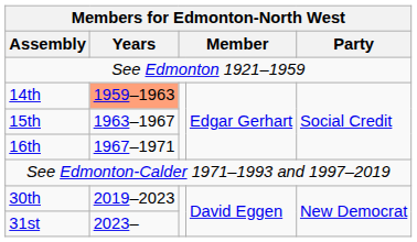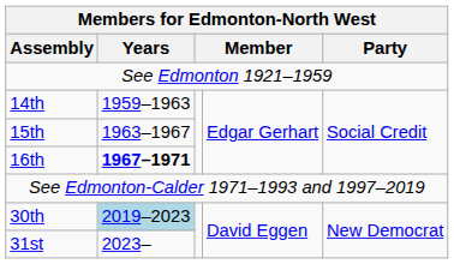 <table class="wikitable" align=right>
 <tr>
 <th colspan=5>Members for Edmonton-North West</th>
 </tr>
 <tr>
 <th>Assembly</th>
 <th>Years</th>
 <th colspan="2">Member</th>
 <th>Party</th>
 </tr>
 <tr>
 <td align="center" colspan=5><em>See <a href='#'>Edmonton</a> 1921–1959</em></td>
 </tr>
 <tr>
 <td><a href='#'>14th</a></td>
-<td style="background: lightsalmon;"><a href='#'>1959</a>–1963</td>
+<td><a href='#'>1959</a>–1963</td>
 <td rowspan=3 ></td>
 <td rowspan=3><a href='#'>Edgar Gerhart</a></td>
 <td rowspan=3><a href='#'>Social Credit</a></td>
 </tr>
 <tr>
 <td><a href='#'>15th</a></td>
 <td><a href='#'>1963</a>–1967</td>
 </tr>
 <tr>
 <td><a href='#'>16th</a></td>
-<td><a href='#'>1967</a>–1971</td>
+<td><strong><a href='#'>1967</a>–1971</strong></td>
 </tr>
 <tr>
 <td align="center" colspan=5><em>See <a href='#'>Edmonton-Calder</a> 1971–1993 and 1997–2019</em></td>
 </tr>
 <tr>
 <td><a href='#'>30th</a></td>
-<td><a href='#'>2019</a>–2023</td>
+<td style="background: lightblue;"><a href='#'>2019</a>–2023</td>
 <td rowspan=2 ></td>
 <td rowspan=2><a href='#'>David Eggen</a></td>
 <td rowspan=2><a href='#'>New Democrat</a></td>
 </tr>
 <tr>
 <td><a href='#'>31st</a></td>
 <td><a href='#'>2023</a>–</td>
 </tr>
 </table>
